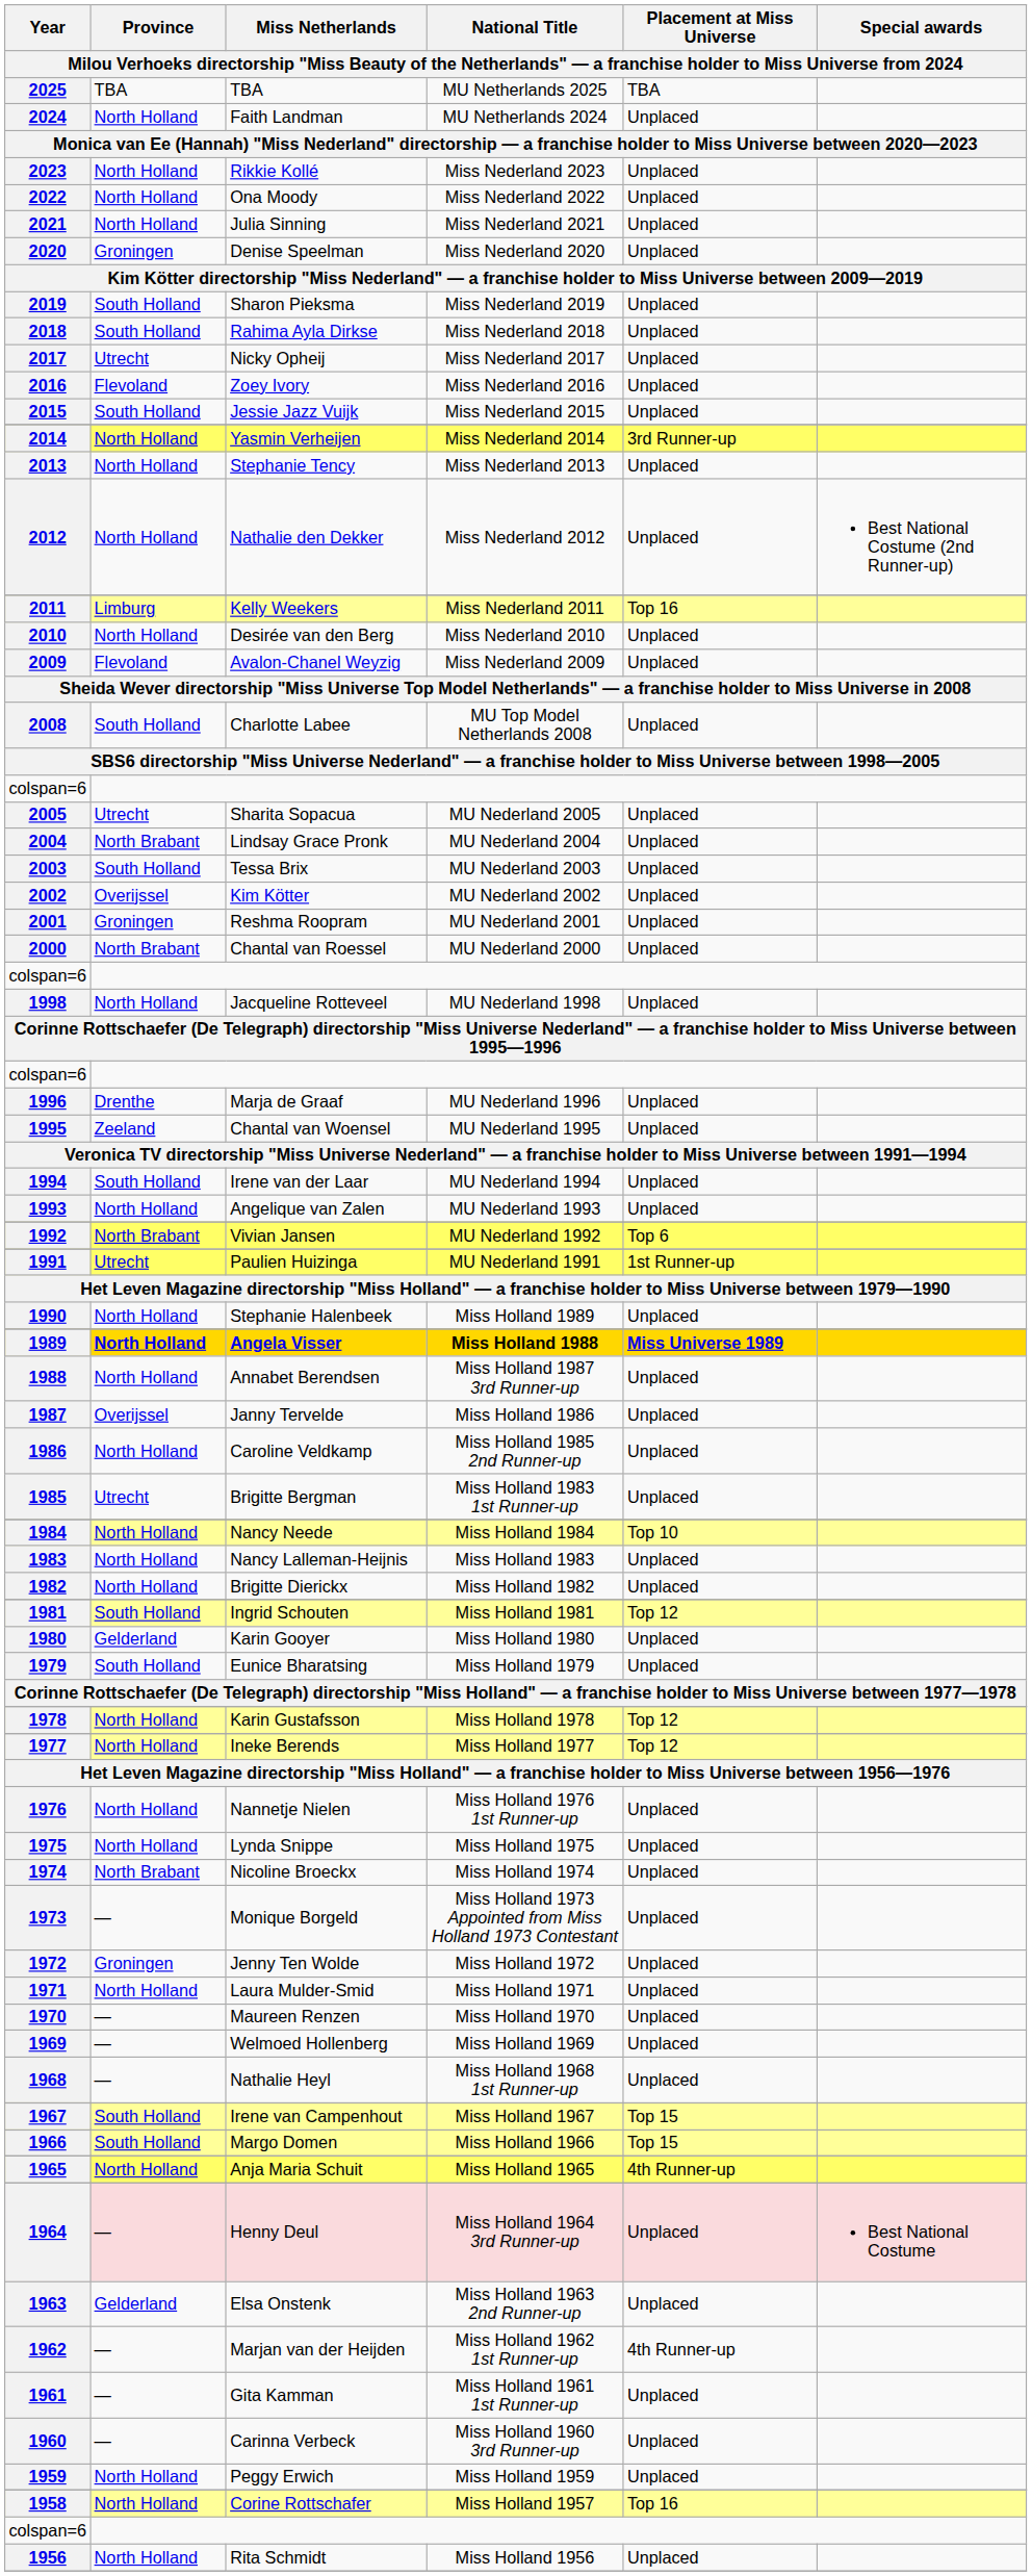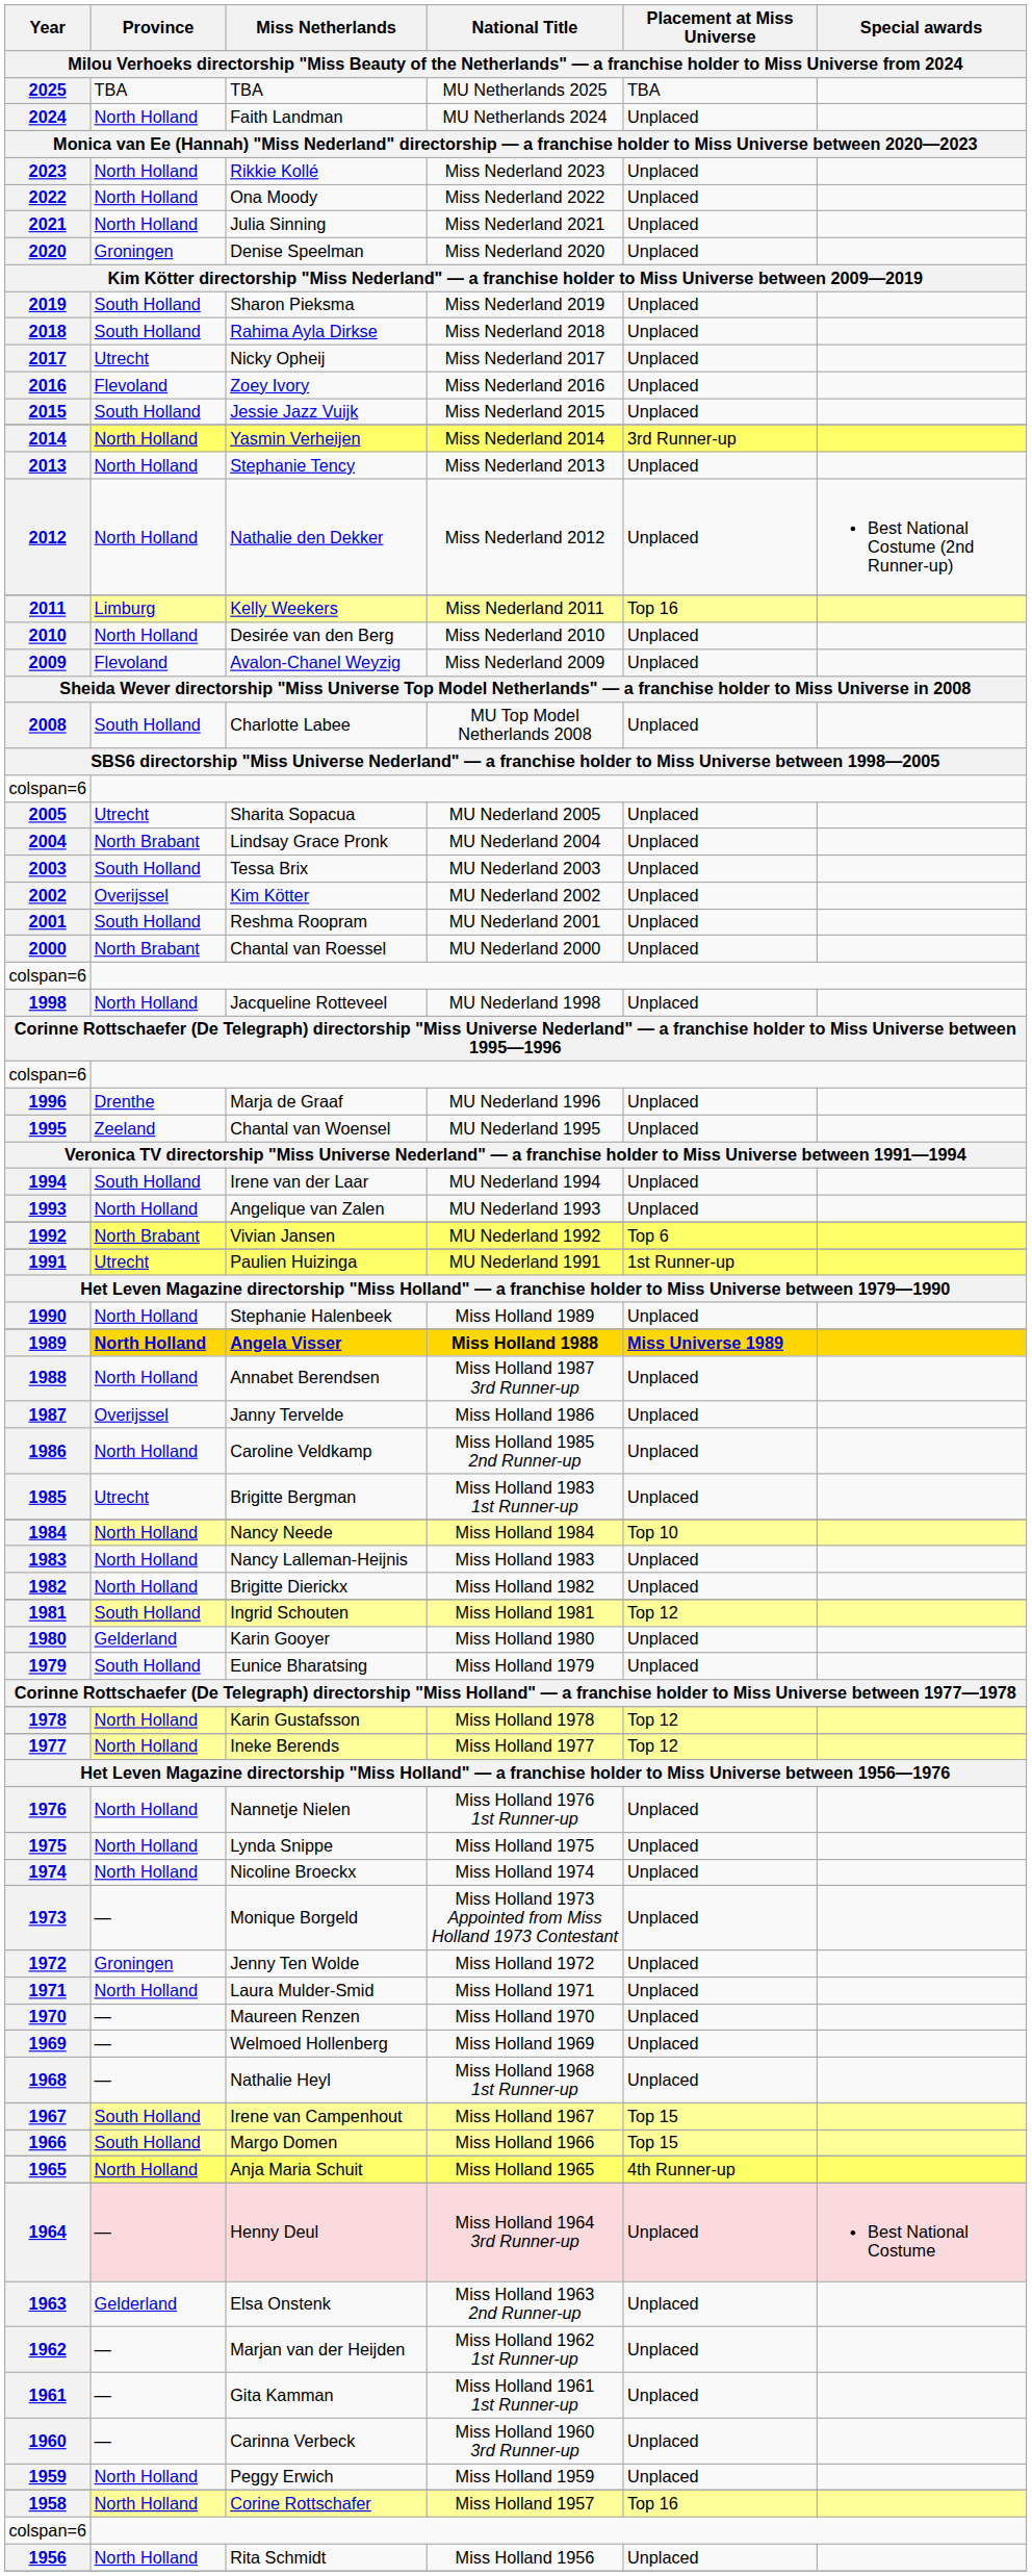 <table class="wikitable " style="font-size: 90%;">
 <tr>
 <th width="60">Year</th>
 <th width="150">Province</th>
 <th width="250">Miss Netherlands</th>
 <th width="250">National Title</th>
 <th width="250">Placement at Miss Universe</th>
 <th width="250">Special awards</th>
 </tr>
 <tr>
 <th colspan="6">Milou Verhoeks directorship "Miss Beauty of the Netherlands" — a franchise holder to Miss Universe from 2024</th>
 </tr>
 <tr>
 <th><a href='#'>2025</a></th>
 <td>TBA</td>
 <td>TBA</td>
 <td align="center">MU Netherlands 2025</td>
 <td>TBA</td>
 <td></td>
 </tr>
 <tr>
 <th><a href='#'>2024</a></th>
 <td><a href='#'>North Holland</a></td>
 <td>Faith Landman</td>
 <td align="center">MU Netherlands 2024</td>
 <td>Unplaced</td>
 <td></td>
 </tr>
 <tr>
 <th colspan="6">Monica van Ee (Hannah) "Miss Nederland" directorship — a franchise holder to Miss Universe between 2020―2023</th>
 </tr>
 <tr>
 <th><a href='#'>2023</a></th>
 <td><a href='#'>North Holland</a></td>
 <td><a href='#'>Rikkie Kollé</a></td>
 <td align="center">Miss Nederland 2023</td>
 <td>Unplaced</td>
 <td></td>
 </tr>
 <tr>
 <th><a href='#'>2022</a></th>
 <td><a href='#'>North Holland</a></td>
 <td>Ona Moody</td>
 <td align="center">Miss Nederland 2022</td>
 <td>Unplaced</td>
 <td></td>
 </tr>
 <tr>
 <th><a href='#'>2021</a></th>
 <td><a href='#'>North Holland</a></td>
 <td>Julia Sinning</td>
 <td align="center">Miss Nederland 2021</td>
 <td>Unplaced</td>
 <td></td>
 </tr>
 <tr>
 <th><a href='#'>2020</a></th>
 <td><a href='#'>Groningen</a></td>
 <td>Denise Speelman</td>
 <td align="center">Miss Nederland 2020</td>
 <td>Unplaced</td>
 <td></td>
 </tr>
 <tr>
 <th colspan="6">Kim Kötter directorship "Miss Nederland" — a franchise holder to Miss Universe between 2009―2019</th>
 </tr>
 <tr>
 <th><a href='#'>2019</a></th>
 <td><a href='#'>South Holland</a></td>
 <td>Sharon Pieksma</td>
 <td align="center">Miss Nederland 2019</td>
 <td>Unplaced</td>
 <td></td>
 </tr>
 <tr>
 <th><a href='#'>2018</a></th>
 <td><a href='#'>South Holland</a></td>
 <td><a href='#'>Rahima Ayla Dirkse</a></td>
 <td align="center">Miss Nederland 2018</td>
 <td>Unplaced</td>
 <td></td>
 </tr>
 <tr>
 <th><a href='#'>2017</a></th>
 <td><a href='#'>Utrecht</a></td>
 <td>Nicky Opheij</td>
 <td align="center">Miss Nederland 2017</td>
 <td>Unplaced</td>
 <td></td>
 </tr>
 <tr>
 <th><a href='#'>2016</a></th>
 <td><a href='#'>Flevoland</a></td>
 <td><a href='#'>Zoey Ivory</a></td>
 <td align="center">Miss Nederland 2016</td>
 <td>Unplaced</td>
 <td></td>
 </tr>
 <tr>
 <th><a href='#'>2015</a></th>
 <td><a href='#'>South Holland</a></td>
 <td><a href='#'>Jessie Jazz Vuijk</a></td>
 <td align="center">Miss Nederland 2015</td>
 <td>Unplaced</td>
 <td></td>
 </tr>
 <tr>
 </tr>
 <tr style="background-color:#FFFF66; ">
 <th><a href='#'>2014</a></th>
 <td><a href='#'>North Holland</a></td>
 <td><a href='#'>Yasmin Verheijen</a></td>
 <td align="center">Miss Nederland 2014</td>
 <td>3rd Runner-up</td>
 <td></td>
 </tr>
 <tr>
 <th><a href='#'>2013</a></th>
 <td><a href='#'>North Holland</a></td>
 <td><a href='#'>Stephanie Tency</a></td>
 <td align="center">Miss Nederland 2013</td>
 <td>Unplaced</td>
 <td></td>
 </tr>
 <tr>
 <th><a href='#'>2012</a></th>
 <td><a href='#'>North Holland</a></td>
 <td><a href='#'>Nathalie den Dekker</a></td>
 <td align="center">Miss Nederland 2012</td>
 <td>Unplaced</td>
 <td align="left"><br><ul><li>Best National Costume (2nd Runner-up)</li></ul></td>
 </tr>
 <tr>
 </tr>
 <tr style="background-color:#FFFF99; ">
 <th><a href='#'>2011</a></th>
 <td><a href='#'>Limburg</a></td>
 <td><a href='#'>Kelly Weekers</a></td>
 <td align="center">Miss Nederland 2011</td>
 <td>Top 16</td>
 <td></td>
 </tr>
 <tr>
 <th><a href='#'>2010</a></th>
 <td><a href='#'>North Holland</a></td>
 <td>Desirée van den Berg</td>
 <td align="center">Miss Nederland 2010</td>
 <td>Unplaced</td>
 <td></td>
 </tr>
 <tr>
 <th><a href='#'>2009</a></th>
 <td><a href='#'>Flevoland</a></td>
 <td><a href='#'>Avalon-Chanel Weyzig</a></td>
 <td align="center">Miss Nederland 2009</td>
 <td>Unplaced</td>
 <td></td>
 </tr>
 <tr>
 <th colspan="6">Sheida Wever directorship "Miss Universe Top Model Netherlands" — a franchise holder to Miss Universe in 2008</th>
 </tr>
 <tr>
 <th><a href='#'>2008</a></th>
 <td><a href='#'>South Holland</a></td>
 <td>Charlotte Labee</td>
 <td align="center">MU Top Model Netherlands 2008</td>
 <td>Unplaced</td>
 <td></td>
 </tr>
 <tr>
 <th colspan="6">SBS6 directorship "Miss Universe Nederland" — a franchise holder to Miss Universe between 1998―2005</th>
 </tr>
 <tr>
 <td>colspan=6 </td>
 </tr>
 <tr>
 <th><a href='#'>2005</a></th>
 <td><a href='#'>Utrecht</a></td>
 <td>Sharita Sopacua</td>
 <td align="center">MU Nederland 2005</td>
 <td>Unplaced</td>
 <td></td>
 </tr>
 <tr>
 <th><a href='#'>2004</a></th>
 <td><a href='#'>North Brabant</a></td>
 <td>Lindsay Grace Pronk</td>
 <td align="center">MU Nederland 2004</td>
 <td>Unplaced</td>
 <td></td>
 </tr>
 <tr>
 <th><a href='#'>2003</a></th>
 <td><a href='#'>South Holland</a></td>
 <td>Tessa Brix</td>
 <td align="center">MU Nederland 2003</td>
 <td>Unplaced</td>
 <td></td>
 </tr>
 <tr>
 <th><a href='#'>2002</a></th>
 <td><a href='#'>Overijssel</a></td>
 <td><a href='#'>Kim Kötter</a></td>
 <td align="center">MU Nederland 2002</td>
 <td>Unplaced</td>
 <td></td>
 </tr>
 <tr>
 <th><a href='#'>2001</a></th>
-<td><a href='#'>Groningen</a></td>
+<td><a href='#'>South Holland</a></td>
 <td>Reshma Roopram</td>
 <td align="center">MU Nederland 2001</td>
 <td>Unplaced</td>
 <td></td>
 </tr>
 <tr>
 <th><a href='#'>2000</a></th>
 <td><a href='#'>North Brabant</a></td>
 <td>Chantal van Roessel</td>
 <td align="center">MU Nederland 2000</td>
 <td>Unplaced</td>
 <td></td>
 </tr>
 <tr>
 <td>colspan=6 </td>
 </tr>
 <tr>
 <th><a href='#'>1998</a></th>
 <td><a href='#'>North Holland</a></td>
 <td>Jacqueline Rotteveel</td>
 <td align="center">MU Nederland 1998</td>
 <td>Unplaced</td>
 <td></td>
 </tr>
 <tr>
 <th colspan="6">Corinne Rottschaefer (De Telegraph) directorship "Miss Universe Nederland" — a franchise holder to Miss Universe between 1995―1996</th>
 </tr>
 <tr>
 <td>colspan=6 </td>
 </tr>
 <tr>
 <th><a href='#'>1996</a></th>
 <td><a href='#'>Drenthe</a></td>
 <td>Marja de Graaf</td>
 <td align="center">MU Nederland 1996</td>
 <td>Unplaced</td>
 <td></td>
 </tr>
 <tr>
 <th><a href='#'>1995</a></th>
 <td><a href='#'>Zeeland</a></td>
 <td>Chantal van Woensel</td>
 <td align="center">MU Nederland 1995</td>
 <td>Unplaced</td>
 <td></td>
 </tr>
 <tr>
 <th colspan="6">Veronica TV directorship "Miss Universe Nederland" — a franchise holder to Miss Universe between 1991―1994</th>
 </tr>
 <tr>
 <th><a href='#'>1994</a></th>
 <td><a href='#'>South Holland</a></td>
 <td>Irene van der Laar</td>
 <td align="center">MU Nederland 1994</td>
 <td>Unplaced</td>
 <td></td>
 </tr>
 <tr>
 <th><a href='#'>1993</a></th>
 <td><a href='#'>North Holland</a></td>
 <td>Angelique van Zalen</td>
 <td align="center">MU Nederland 1993</td>
 <td>Unplaced</td>
 <td></td>
 </tr>
 <tr>
 </tr>
 <tr style="background-color:#FFFF66; ">
 <th><a href='#'>1992</a></th>
 <td><a href='#'>North Brabant</a></td>
 <td>Vivian Jansen</td>
 <td align="center">MU Nederland 1992</td>
 <td>Top 6</td>
 <td></td>
 </tr>
 <tr>
 </tr>
 <tr style="background-color:#FFFF66; ">
 <th><a href='#'>1991</a></th>
 <td><a href='#'>Utrecht</a></td>
 <td>Paulien Huizinga</td>
 <td align="center">MU Nederland 1991</td>
 <td>1st Runner-up</td>
 <td></td>
 </tr>
 <tr>
 <th colspan="6">Het Leven Magazine directorship "Miss Holland" — a franchise holder to Miss Universe between 1979―1990</th>
 </tr>
 <tr>
 <th><a href='#'>1990</a></th>
 <td><a href='#'>North Holland</a></td>
 <td>Stephanie Halenbeek</td>
 <td align="center">Miss Holland 1989</td>
 <td>Unplaced</td>
 <td></td>
 </tr>
 <tr>
 </tr>
 <tr style="background-color:gold; font-weight: bold ">
 <th><a href='#'>1989</a></th>
 <td><a href='#'>North Holland</a></td>
 <td><a href='#'>Angela Visser</a></td>
 <td align="center">Miss Holland 1988</td>
 <td><a href='#'>Miss Universe 1989</a></td>
 <td></td>
 </tr>
 <tr>
 <th><a href='#'>1988</a></th>
 <td><a href='#'>North Holland</a></td>
 <td>Annabet Berendsen</td>
 <td align="center">Miss Holland 1987<br><em>3rd Runner-up</em></td>
 <td>Unplaced</td>
 <td></td>
 </tr>
 <tr>
 <th><a href='#'>1987</a></th>
 <td><a href='#'>Overijssel</a></td>
 <td>Janny Tervelde</td>
 <td align="center">Miss Holland 1986</td>
 <td>Unplaced</td>
 <td></td>
 </tr>
 <tr>
 <th><a href='#'>1986</a></th>
 <td><a href='#'>North Holland</a></td>
 <td>Caroline Veldkamp</td>
 <td align="center">Miss Holland 1985<br><em>2nd Runner-up</em></td>
 <td>Unplaced</td>
 <td></td>
 </tr>
 <tr>
 <th><a href='#'>1985</a></th>
 <td><a href='#'>Utrecht</a></td>
 <td>Brigitte Bergman</td>
 <td align="center">Miss Holland 1983<br><em>1st Runner-up</em></td>
 <td>Unplaced</td>
 <td></td>
 </tr>
 <tr>
 </tr>
 <tr style="background-color:#FFFF99; ">
 <th><a href='#'>1984</a></th>
 <td><a href='#'>North Holland</a></td>
 <td>Nancy Neede</td>
 <td align="center">Miss Holland 1984</td>
 <td>Top 10</td>
 <td></td>
 </tr>
 <tr>
 <th><a href='#'>1983</a></th>
 <td><a href='#'>North Holland</a></td>
 <td>Nancy Lalleman-Heijnis</td>
 <td align="center">Miss Holland 1983</td>
 <td>Unplaced</td>
 <td></td>
 </tr>
 <tr>
 <th><a href='#'>1982</a></th>
 <td><a href='#'>North Holland</a></td>
 <td>Brigitte Dierickx</td>
 <td align="center">Miss Holland 1982</td>
 <td>Unplaced</td>
 <td></td>
 </tr>
 <tr>
 </tr>
 <tr style="background-color:#FFFF99; ">
 <th><a href='#'>1981</a></th>
 <td><a href='#'>South Holland</a></td>
 <td>Ingrid Schouten</td>
 <td align="center">Miss Holland 1981</td>
 <td>Top 12</td>
 <td></td>
 </tr>
 <tr>
 <th><a href='#'>1980</a></th>
 <td><a href='#'>Gelderland</a></td>
 <td>Karin Gooyer</td>
 <td align="center">Miss Holland 1980</td>
 <td>Unplaced</td>
 <td></td>
 </tr>
 <tr>
 <th><a href='#'>1979</a></th>
 <td><a href='#'>South Holland</a></td>
 <td>Eunice Bharatsing</td>
 <td align="center">Miss Holland 1979</td>
 <td>Unplaced</td>
 <td></td>
 </tr>
 <tr>
 <th colspan="6">Corinne Rottschaefer (De Telegraph) directorship "Miss Holland" — a franchise holder to Miss Universe between 1977―1978</th>
 </tr>
 <tr>
 </tr>
 <tr style="background-color:#FFFF99; ">
 <th><a href='#'>1978</a></th>
 <td><a href='#'>North Holland</a></td>
 <td>Karin Gustafsson</td>
 <td align="center">Miss Holland 1978</td>
 <td>Top 12</td>
 <td></td>
 </tr>
 <tr>
 </tr>
 <tr style="background-color:#FFFF99; ">
 <th><a href='#'>1977</a></th>
 <td><a href='#'>North Holland</a></td>
 <td>Ineke Berends</td>
 <td align="center">Miss Holland 1977</td>
 <td>Top 12</td>
 <td></td>
 </tr>
 <tr>
 <th colspan="6">Het Leven Magazine directorship "Miss Holland" — a franchise holder to Miss Universe between 1956―1976</th>
 </tr>
 <tr>
 <th><a href='#'>1976</a></th>
 <td><a href='#'>North Holland</a></td>
 <td>Nannetje Nielen</td>
 <td align="center">Miss Holland 1976<br><em>1st Runner-up</em></td>
 <td>Unplaced</td>
 <td></td>
 </tr>
 <tr>
 <th><a href='#'>1975</a></th>
 <td><a href='#'>North Holland</a></td>
 <td>Lynda Snippe</td>
 <td align="center">Miss Holland 1975</td>
 <td>Unplaced</td>
 <td></td>
 </tr>
 <tr>
 <th><a href='#'>1974</a></th>
-<td><a href='#'>North Brabant</a></td>
+<td><a href='#'>North Holland</a></td>
 <td>Nicoline Broeckx</td>
 <td align="center">Miss Holland 1974</td>
 <td>Unplaced</td>
 <td></td>
 </tr>
 <tr>
 <th><a href='#'>1973</a></th>
 <td>—</td>
 <td>Monique Borgeld</td>
 <td align="center">Miss Holland 1973<br><em>Appointed from Miss Holland 1973 Contestant</em></td>
 <td>Unplaced</td>
 <td></td>
 </tr>
 <tr>
 <th><a href='#'>1972</a></th>
 <td><a href='#'>Groningen</a></td>
 <td>Jenny Ten Wolde</td>
 <td align="center">Miss Holland 1972</td>
 <td>Unplaced</td>
 <td></td>
 </tr>
 <tr>
 <th><a href='#'>1971</a></th>
 <td><a href='#'>North Holland</a></td>
 <td>Laura Mulder-Smid</td>
 <td align="center">Miss Holland 1971</td>
 <td>Unplaced</td>
 <td></td>
 </tr>
 <tr>
 <th><a href='#'>1970</a></th>
 <td>—</td>
 <td>Maureen Renzen</td>
 <td align="center">Miss Holland 1970</td>
 <td>Unplaced</td>
 <td></td>
 </tr>
 <tr>
 <th><a href='#'>1969</a></th>
 <td>—</td>
 <td>Welmoed Hollenberg</td>
 <td align="center">Miss Holland 1969</td>
 <td>Unplaced</td>
 <td></td>
 </tr>
 <tr>
 <th><a href='#'>1968</a></th>
 <td>—</td>
 <td>Nathalie Heyl</td>
 <td align="center">Miss Holland 1968<br><em>1st Runner-up</em></td>
 <td>Unplaced</td>
 <td></td>
 </tr>
 <tr>
 </tr>
 <tr style="background-color:#FFFF99; ">
 <th><a href='#'>1967</a></th>
 <td><a href='#'>South Holland</a></td>
 <td>Irene van Campenhout</td>
 <td align="center">Miss Holland 1967</td>
 <td>Top 15</td>
 <td></td>
 </tr>
 <tr>
 </tr>
 <tr style="background-color:#FFFF99; ">
 <th><a href='#'>1966</a></th>
 <td><a href='#'>South Holland</a></td>
 <td>Margo Domen</td>
 <td align="center">Miss Holland 1966</td>
 <td>Top 15</td>
 <td></td>
 </tr>
 <tr>
 </tr>
 <tr style="background-color:#FFFF66; ">
 <th><a href='#'>1965</a></th>
 <td><a href='#'>North Holland</a></td>
 <td>Anja Maria Schuit</td>
 <td align="center">Miss Holland 1965</td>
 <td>4th Runner-up</td>
 <td></td>
 </tr>
 <tr>
 </tr>
 <tr style="background-color:#FADADD; ">
 <th><a href='#'>1964</a></th>
 <td>—</td>
 <td>Henny Deul</td>
 <td align="center">Miss Holland 1964<br><em>3rd Runner-up</em></td>
 <td>Unplaced</td>
 <td align="left"><br><ul><li>Best National Costume</li></ul></td>
 </tr>
 <tr>
 <th><a href='#'>1963</a></th>
 <td><a href='#'>Gelderland</a></td>
 <td>Elsa Onstenk</td>
 <td align="center">Miss Holland 1963<br><em>2nd Runner-up</em></td>
 <td>Unplaced</td>
 <td></td>
 </tr>
 <tr>
 <th><a href='#'>1962</a></th>
 <td>—</td>
 <td>Marjan van der Heijden</td>
 <td align="center">Miss Holland 1962<br><em>1st Runner-up</em></td>
-<td>4th Runner-up</td>
+<td>Unplaced</td>
 <td></td>
 </tr>
 <tr>
 <th><a href='#'>1961</a></th>
 <td>—</td>
 <td>Gita Kamman</td>
 <td align="center">Miss Holland 1961<br><em>1st Runner-up</em></td>
 <td>Unplaced</td>
 <td></td>
 </tr>
 <tr>
 <th><a href='#'>1960</a></th>
 <td>—</td>
 <td>Carinna Verbeck</td>
 <td align="center">Miss Holland 1960<br><em>3rd Runner-up</em></td>
 <td>Unplaced</td>
 <td></td>
 </tr>
 <tr>
 <th><a href='#'>1959</a></th>
 <td><a href='#'>North Holland</a></td>
 <td>Peggy Erwich</td>
 <td align="center">Miss Holland 1959</td>
 <td>Unplaced</td>
 <td></td>
 </tr>
 <tr>
 </tr>
 <tr style="background-color:#FFFF99; ">
 <th><a href='#'>1958</a></th>
 <td><a href='#'>North Holland</a></td>
 <td><a href='#'>Corine Rottschafer</a></td>
 <td align="center">Miss Holland 1957</td>
 <td>Top 16</td>
 <td></td>
 </tr>
 <tr>
 <td>colspan=6 </td>
 </tr>
 <tr>
 <th><a href='#'>1956</a></th>
 <td><a href='#'>North Holland</a></td>
 <td>Rita Schmidt</td>
 <td align="center">Miss Holland 1956</td>
 <td>Unplaced</td>
 <td></td>
 </tr>
 <tr>
 </tr>
 </table>
